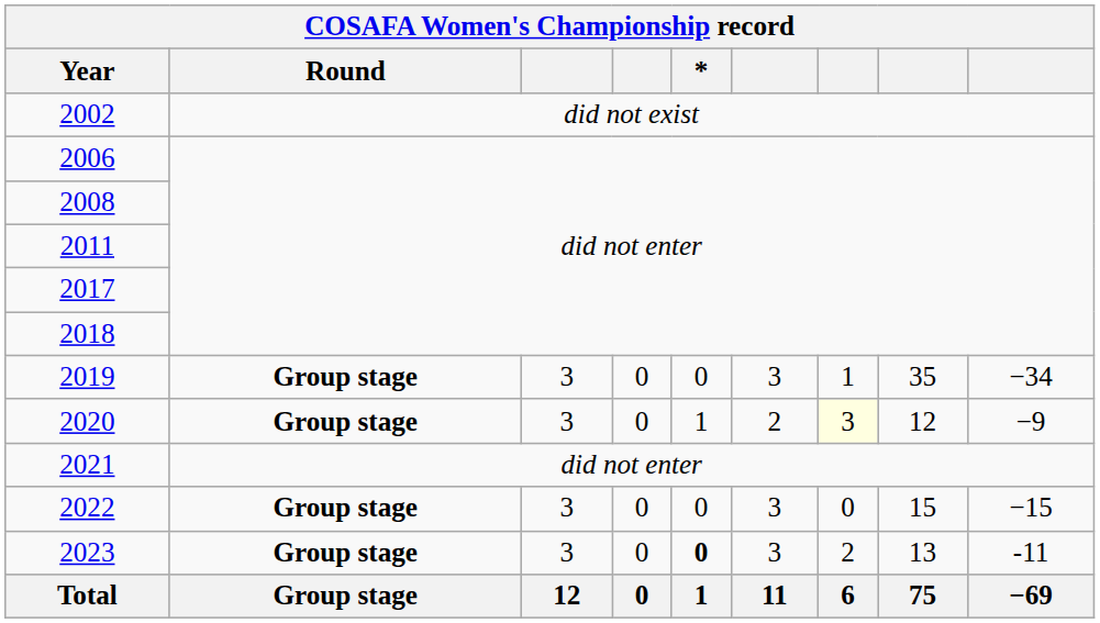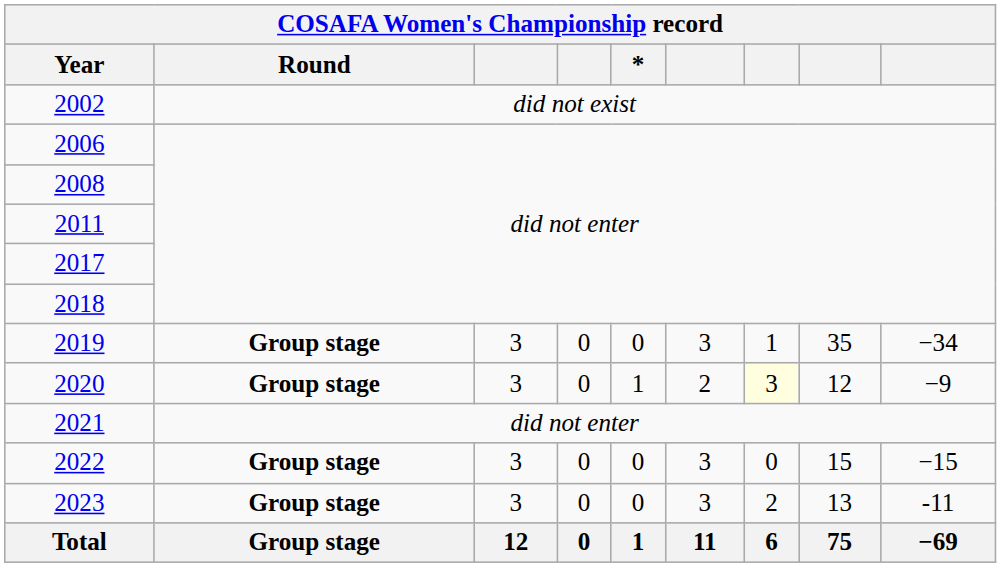 <table class="wikitable" style="text-align: center; width:50%;">
 <tr>
 <th colspan=10><a href='#'>COSAFA Women's Championship</a> record</th>
 </tr>
 <tr>
 <th>Year</th>
 <th>Round</th>
 <th></th>
 <th></th>
 <th>*</th>
 <th></th>
 <th></th>
 <th></th>
 <th></th>
 </tr>
 <tr>
 <td> <a href='#'>2002</a></td>
 <td colspan =8><em>did not exist</em></td>
 </tr>
 <tr>
 <td> <a href='#'>2006</a></td>
 <td colspan =8 rowspan=5><em>did not enter</em></td>
 </tr>
 <tr>
 <td> <a href='#'>2008</a></td>
 </tr>
 <tr>
 <td> <a href='#'>2011</a></td>
 </tr>
 <tr>
 <td> <a href='#'>2017</a></td>
 </tr>
 <tr>
 <td> <a href='#'>2018</a></td>
 </tr>
 <tr>
 <td> <a href='#'>2019</a></td>
 <td><strong>Group stage</strong></td>
 <td>3</td>
 <td>0</td>
 <td>0</td>
 <td>3</td>
 <td>1</td>
 <td>35</td>
 <td>−34</td>
 </tr>
 <tr>
 <td> <a href='#'>2020</a></td>
 <td><strong>Group stage</strong></td>
 <td>3</td>
 <td>0</td>
 <td>1</td>
 <td>2</td>
 <td style="background: lightyellow;">3</td>
 <td>12</td>
 <td>−9</td>
 </tr>
 <tr>
 <td> <a href='#'>2021</a></td>
 <td colspan =8><em>did not enter</em></td>
 </tr>
 <tr>
 <td> <a href='#'>2022</a></td>
 <td><strong>Group stage</strong></td>
 <td>3</td>
 <td>0</td>
 <td>0</td>
 <td>3</td>
 <td>0</td>
 <td>15</td>
 <td>−15</td>
 </tr>
 <tr>
 <td> <a href='#'>2023</a></td>
 <td><strong>Group stage</strong></td>
 <td>3</td>
 <td>0</td>
-<td><strong>0</strong></td>
+<td>0</td>
 <td>3</td>
 <td>2</td>
 <td>13</td>
 <td>-11</td>
 </tr>
 <tr>
 <th>Total</th>
 <th>Group stage</th>
 <th>12</th>
 <th>0</th>
 <th>1</th>
 <th>11</th>
 <th>6</th>
 <th>75</th>
 <th>−69</th>
 </tr>
 </table>
